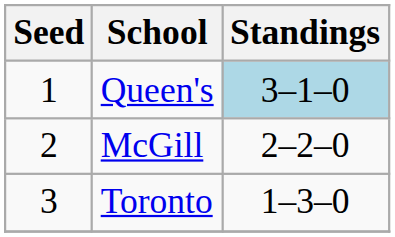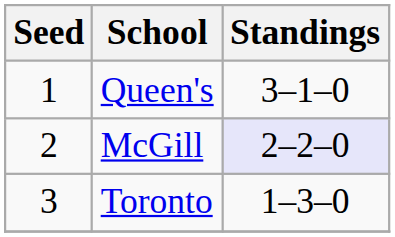 <table class="wikitable">
 <tr>
 <th>Seed</th>
 <th>School</th>
 <th>Standings</th>
 </tr>
 <tr>
 <td align=center>1</td>
 <td><a href='#'>Queen's</a></td>
-<td align=center style="background: lightblue;">3–1–0</td>
+<td align=center>3–1–0</td>
 </tr>
 <tr>
 <td align=center>2</td>
 <td><a href='#'>McGill</a></td>
-<td align=center>2–2–0</td>
+<td align=center style="background: lavender;">2–2–0</td>
 </tr>
 <tr>
 <td align=center>3</td>
 <td><a href='#'>Toronto</a></td>
 <td align=center>1–3–0</td>
 </tr>
 <tr>
 </tr>
 </table>
